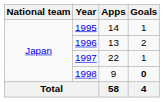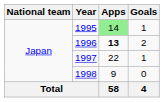 <table class="wikitable" style="text-align:center">
 <tr>
 <th>National team</th>
 <th>Year</th>
 <th>Apps</th>
 <th>Goals</th>
 </tr>
 <tr>
 <td rowspan="4"><a href='#'>Japan</a></td>
 <td><a href='#'>1995</a></td>
-<td>14</td>
+<td style="background: lightgreen;">14</td>
 <td>1</td>
 </tr>
 <tr>
 <td><a href='#'>1996</a></td>
-<td>13</td>
+<td><strong>13</strong></td>
 <td>2</td>
 </tr>
 <tr>
 <td><a href='#'>1997</a></td>
 <td>22</td>
 <td>1</td>
 </tr>
 <tr>
 <td><a href='#'>1998</a></td>
 <td>9</td>
-<td><strong>0</strong></td>
+<td>0</td>
 </tr>
 <tr>
 <th colspan="2">Total</th>
 <th>58</th>
 <th>4</th>
 </tr>
 </table>
